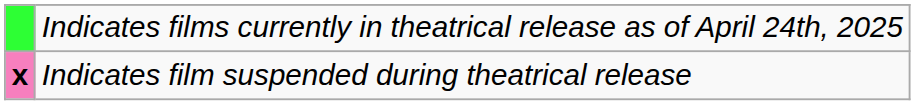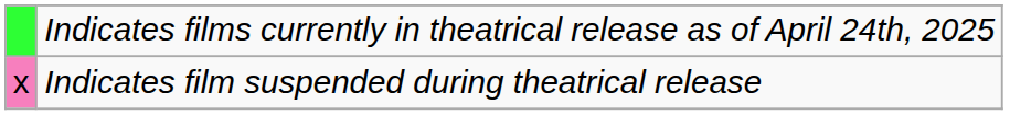 <table class="wikitable" style="margin-bottom: 10px;">
 <tr>
 <td style="background:#2DFF34;"></td>
 <td><em>Indicates films currently in theatrical release as of April 24th, 2025</em></td>
 </tr>
 <tr>
-<td style="background:#f77fbe;"><strong>x</strong></td>
+<td style="background:#f77fbe;">x</td>
 <td><em>Indicates film suspended during theatrical release</em></td>
 </tr>
 </table>
